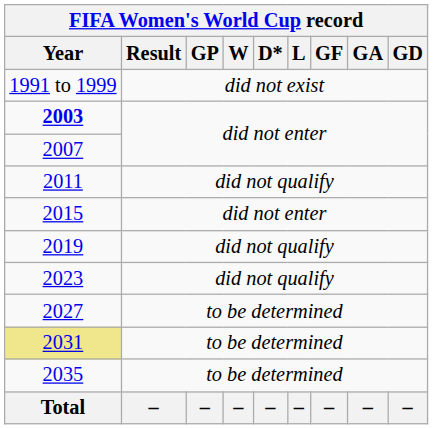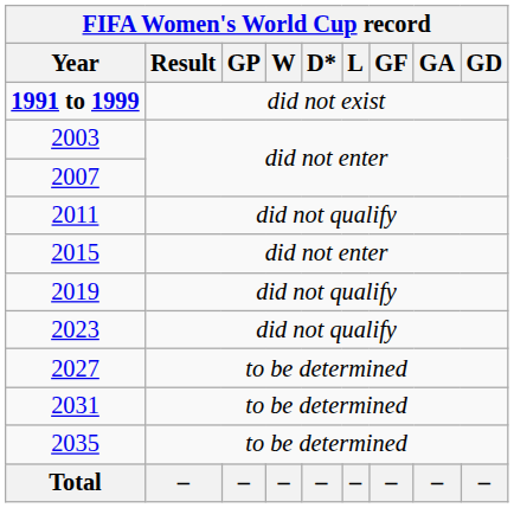 <table class="wikitable" style="text-align: center">
 <tr>
 <th colspan=20><a href='#'>FIFA Women's World Cup</a> record</th>
 </tr>
 <tr>
 <th>Year</th>
 <th>Result</th>
 <th>GP</th>
 <th>W</th>
 <th>D*</th>
 <th>L</th>
 <th>GF</th>
 <th>GA</th>
 <th>GD</th>
 </tr>
 <tr>
-<td> <a href='#'>1991</a> to  <a href='#'>1999</a></td>
+<td><strong> <a href='#'>1991</a> to  <a href='#'>1999</a></strong></td>
 <td colspan=8><em>did not exist</em></td>
 </tr>
 <tr>
-<td><strong> <a href='#'>2003</a></strong></td>
+<td> <a href='#'>2003</a></td>
 <td colspan=8 rowspan=2><em>did not enter</em></td>
 </tr>
 <tr>
 <td> <a href='#'>2007</a></td>
 </tr>
 <tr>
 <td> <a href='#'>2011</a></td>
 <td colspan=8><em>did not qualify</em></td>
 </tr>
 <tr>
 <td> <a href='#'>2015</a></td>
 <td colspan=8><em>did not enter</em></td>
 </tr>
 <tr>
 <td> <a href='#'>2019</a></td>
 <td colspan=8><em>did not qualify</em></td>
 </tr>
 <tr>
 <td> <a href='#'>2023</a></td>
 <td colspan=8><em>did not qualify</em></td>
 </tr>
 <tr>
 <td> <a href='#'>2027</a></td>
 <td colspan=8><em>to be determined</em></td>
 </tr>
 <tr>
-<td style="background: khaki;"> <a href='#'>2031</a></td>
+<td> <a href='#'>2031</a></td>
 <td colspan=8><em>to be determined</em></td>
 </tr>
 <tr>
 <td> <a href='#'>2035</a></td>
 <td colspan=8><em>to be determined</em></td>
 </tr>
 <tr>
 <th>Total</th>
 <th>–</th>
 <th>–</th>
 <th>–</th>
 <th>–</th>
 <th>–</th>
 <th>–</th>
 <th>–</th>
 <th>–</th>
 </tr>
 </table>
